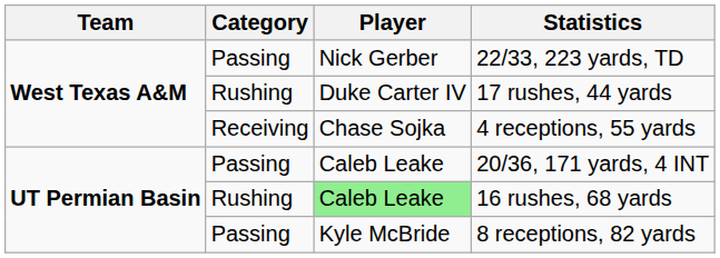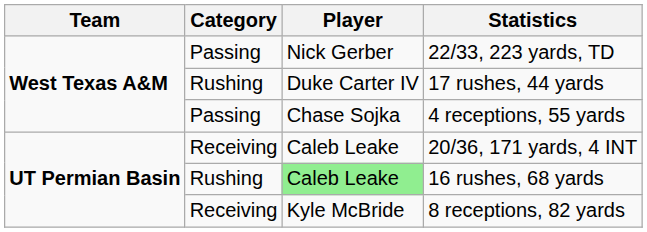 <table class="wikitable" style="float: left;">
 <tr>
 <th>Team</th>
 <th>Category</th>
 <th>Player</th>
 <th>Statistics</th>
 </tr>
 <tr>
 <td rowspan=3><strong>West Texas A&M</strong></td>
 <td>Passing</td>
 <td>Nick Gerber</td>
 <td>22/33, 223 yards, TD</td>
 </tr>
 <tr>
 <td>Rushing</td>
 <td>Duke Carter IV</td>
 <td>17 rushes, 44 yards</td>
 </tr>
 <tr>
-<td>Receiving</td>
+<td>Passing</td>
 <td>Chase Sojka</td>
 <td>4 receptions, 55 yards</td>
 </tr>
 <tr>
 <td rowspan=3><strong>UT Permian Basin</strong></td>
-<td>Passing</td>
+<td>Receiving</td>
 <td>Caleb Leake</td>
 <td>20/36, 171 yards, 4 INT</td>
 </tr>
 <tr>
 <td>Rushing</td>
 <td style="background: lightgreen;">Caleb Leake</td>
 <td>16 rushes, 68 yards</td>
 </tr>
 <tr>
-<td>Passing</td>
+<td>Receiving</td>
 <td>Kyle McBride</td>
 <td>8 receptions, 82 yards</td>
 </tr>
 </table>
